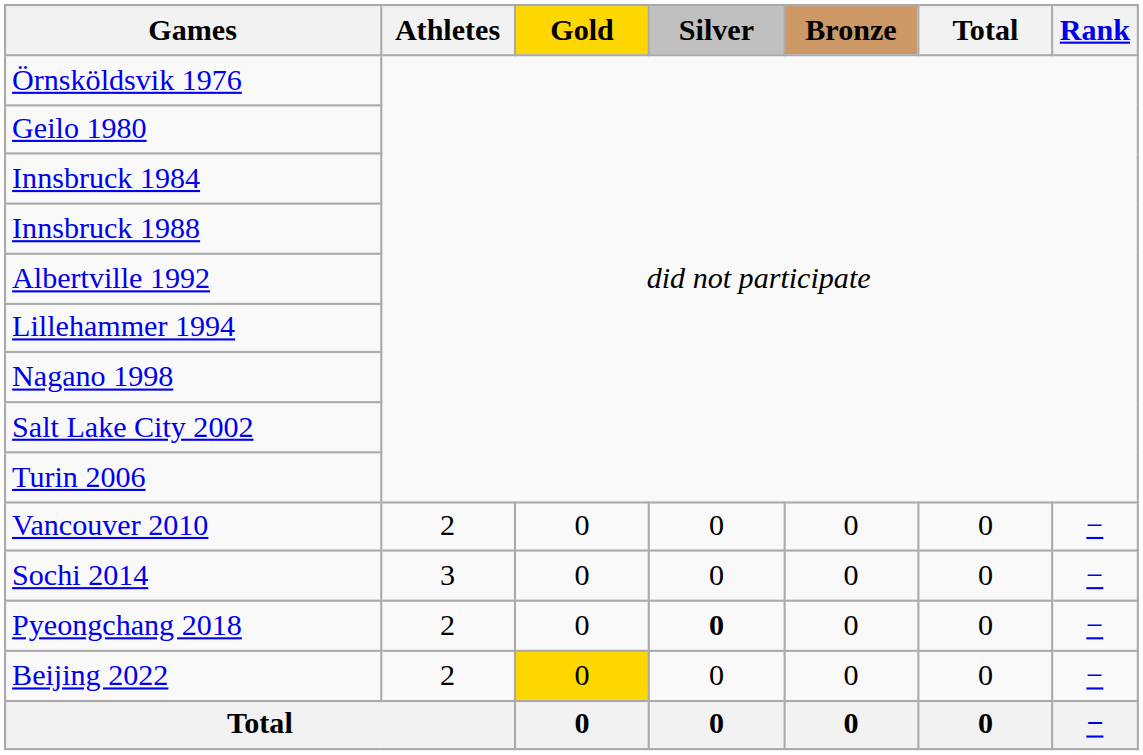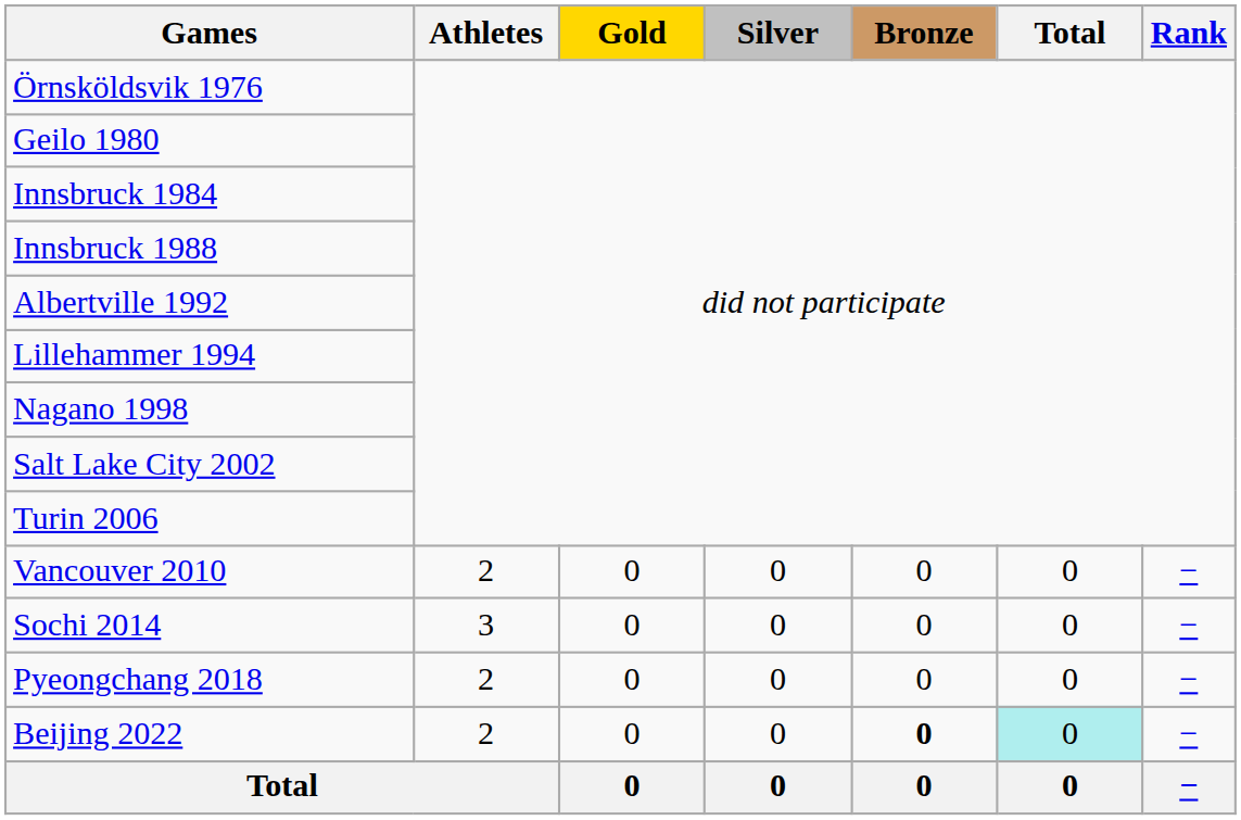 <table class="wikitable" style="text-align:center; font-size:90%;">
 <tr>
 <th style="width:12em;">Games</th>
 <th style="width:4em;">Athletes</th>
 <th style="width:4em; background:gold;">Gold</th>
 <th style="width:4em; background:silver;">Silver</th>
 <th style="width:4em; background:#cc9966;">Bronze</th>
 <th style="width:4em;">Total</th>
 <th style="width:2em;"><a href='#'>Rank</a></th>
 </tr>
 <tr>
 <td align=left> <a href='#'>Örnsköldsvik 1976</a></td>
 <td colspan=6 rowspan=9><em>did not participate</em></td>
 </tr>
 <tr>
 <td align=left> <a href='#'>Geilo 1980</a></td>
 </tr>
 <tr>
 <td align=left> <a href='#'>Innsbruck 1984</a></td>
 </tr>
 <tr>
 <td align=left> <a href='#'>Innsbruck 1988</a></td>
 </tr>
 <tr>
 <td align=left> <a href='#'>Albertville 1992</a></td>
 </tr>
 <tr>
 <td align=left> <a href='#'>Lillehammer 1994</a></td>
 </tr>
 <tr>
 <td align=left> <a href='#'>Nagano 1998</a></td>
 </tr>
 <tr>
 <td align=left> <a href='#'>Salt Lake City 2002</a></td>
 </tr>
 <tr>
 <td align=left> <a href='#'>Turin 2006</a></td>
 </tr>
 <tr>
 <td align=left> <a href='#'>Vancouver 2010</a></td>
 <td>2</td>
 <td>0</td>
 <td>0</td>
 <td>0</td>
 <td>0</td>
 <td><a href='#'>−</a></td>
 </tr>
 <tr>
 <td align=left> <a href='#'>Sochi 2014</a></td>
 <td>3</td>
 <td>0</td>
 <td>0</td>
 <td>0</td>
 <td>0</td>
 <td><a href='#'>−</a></td>
 </tr>
 <tr>
 <td align=left> <a href='#'>Pyeongchang 2018</a></td>
 <td>2</td>
 <td>0</td>
-<td><strong>0</strong></td>
+<td>0</td>
 <td>0</td>
 <td>0</td>
 <td><a href='#'>−</a></td>
 </tr>
 <tr>
 <td align=left> <a href='#'>Beijing 2022</a></td>
 <td>2</td>
-<td style="background: gold;">0</td>
 <td>0</td>
 <td>0</td>
-<td>0</td>
+<td><strong>0</strong></td>
+<td style="background: paleturquoise;">0</td>
 <td><a href='#'>−</a></td>
 </tr>
 <tr>
 <th colspan=2>Total</th>
 <th>0</th>
 <th>0</th>
 <th>0</th>
 <th>0</th>
 <th><a href='#'>−</a></th>
 </tr>
 </table>
